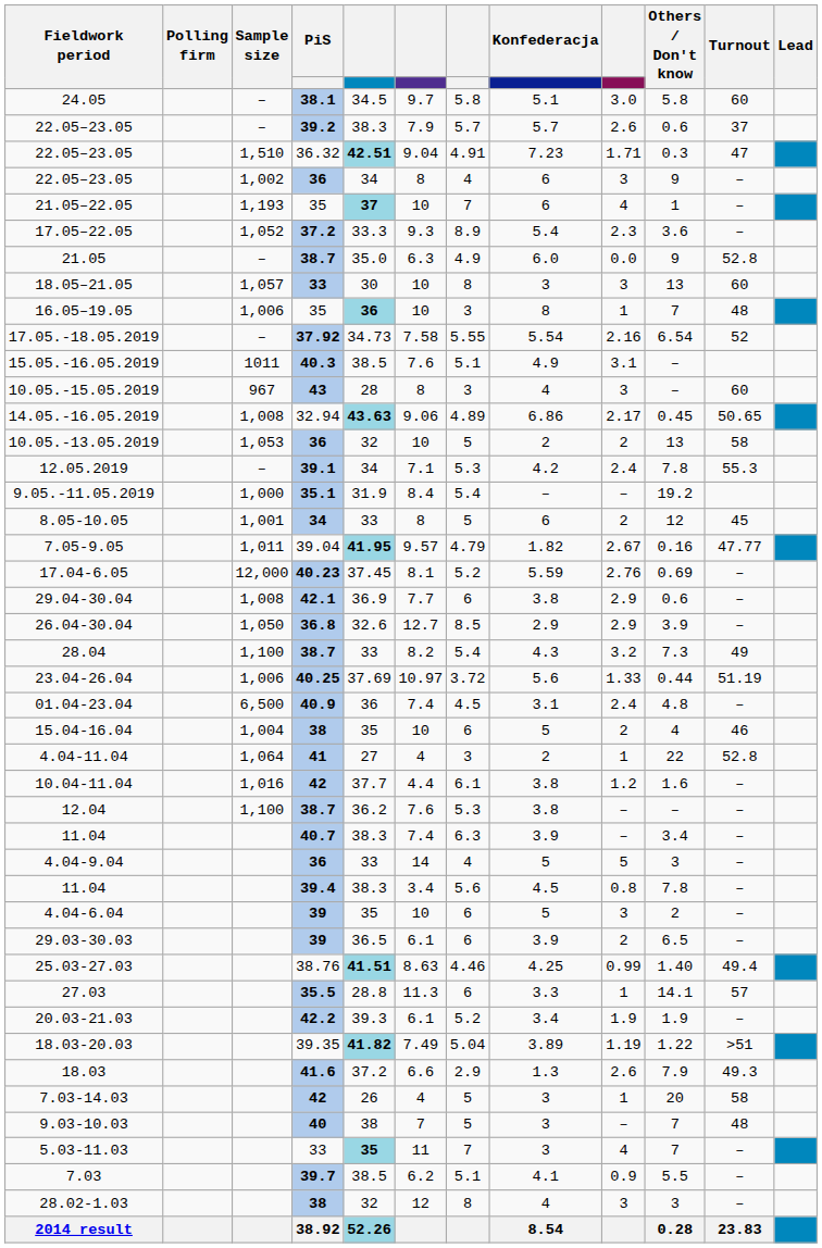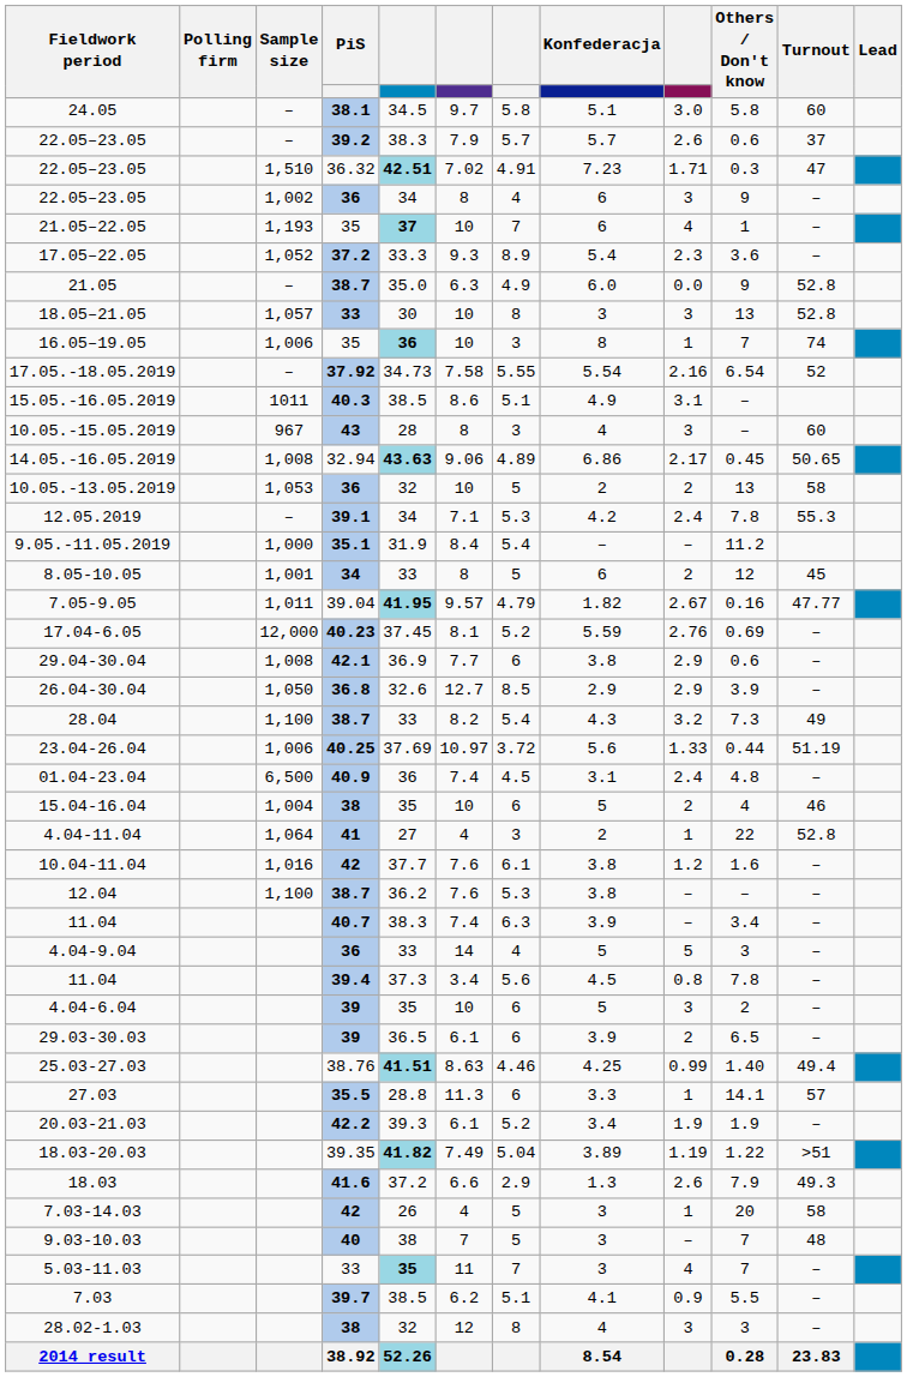 <table class="wikitable sortable collapsible" style="text-align:center; font-size:95%; line-height:16px;">
 <tr style="height:42px;">
 <th rowspan="2" data-sort-type="date" style="width:90px;">Fieldwork<br>period</th>
 <th rowspan="2" style="width:110px;">Polling firm</th>
 <th rowspan="2" style="width:20px;">Sample size</th>
 <th style="width:50px;" class="unsortable">PiS</th>
 <th style="width:50px;" class="unsortable"></th>
 <th style="width:50px;" class="unsortable"></th>
 <th style="width:50px;" class="unsortable"></th>
 <th style="width:50px;" class="unsortable">Konfederacja</th>
 <th style="width:50px;" class="unsortable"></th>
 <th style="width:50px;" rowspan="2" data-sort-type="number">Others /<br>Don't know</th>
 <th style="width:50px;" rowspan="2" data-sort-type="number">Turnout</th>
 <th style="width:30px;" rowspan="2" data-sort-type="number">Lead</th>
 </tr>
 <tr>
 <th data-sort-type="number" style="height:1px; color:inherit;background:"></th>
 <th data-sort-type="number" style="height:1px; color:inherit;background:#0087BD ;"></th>
 <th data-sort-type="number" style="height:1px; color:inherit;background:#4f2d8f;"></th>
 <th data-sort-type="number" style="height:1px; color:inherit;background:"></th>
 <th data-sort-type="number" style="height:1px; color:inherit;background:#091F92;"></th>
 <th data-sort-type="number" style="height:1px; color:inherit;background:#870f57;"></th>
 </tr>
 <tr>
 <td>24.05</td>
 <td></td>
 <td>–</td>
 <td style="background: #B0CBEC;"><strong>38.1</strong></td>
 <td>34.5</td>
 <td>9.7</td>
 <td>5.8</td>
 <td>5.1</td>
 <td>3.0</td>
 <td>5.8</td>
 <td>60</td>
 <td style="background-color: "></td>
 </tr>
 <tr>
 <td>22.05–23.05</td>
 <td></td>
 <td>–</td>
 <td style="background: #B0CBEC;"><strong>39.2</strong></td>
 <td>38.3</td>
 <td>7.9</td>
 <td>5.7</td>
 <td>5.7</td>
 <td>2.6</td>
 <td>0.6</td>
 <td>37</td>
 <td style="background-color: "></td>
 </tr>
 <tr>
 <td>22.05–23.05</td>
 <td></td>
 <td>1,510</td>
 <td>36.32</td>
 <td style="background: #99D7E4;"><strong>42.51</strong></td>
-<td>9.04</td>
+<td>7.02</td>
 <td>4.91</td>
 <td>7.23</td>
 <td>1.71</td>
 <td>0.3</td>
 <td>47</td>
 <td style="background: #0087bd;"></td>
 </tr>
 <tr>
 <td>22.05–23.05</td>
 <td></td>
 <td>1,002</td>
 <td style="background: #B0CBEC;"><strong>36</strong></td>
 <td>34</td>
 <td>8</td>
 <td>4</td>
 <td>6</td>
 <td>3</td>
 <td>9</td>
 <td>–</td>
 <td style="background-color: "></td>
 </tr>
 <tr>
 <td>21.05–22.05</td>
 <td></td>
 <td>1,193</td>
 <td>35</td>
 <td style="background: #99D7E4;"><strong>37</strong></td>
 <td>10</td>
 <td>7</td>
 <td>6</td>
 <td>4</td>
 <td>1</td>
 <td>–</td>
 <td style="background: #0087bd;"></td>
 </tr>
 <tr>
 <td>17.05–22.05</td>
 <td></td>
 <td>1,052</td>
 <td style="background: #B0CBEC;"><strong>37.2</strong></td>
 <td>33.3</td>
 <td>9.3</td>
 <td>8.9</td>
 <td>5.4</td>
 <td>2.3</td>
 <td>3.6</td>
 <td>–</td>
 <td style="background-color: "></td>
 </tr>
 <tr>
 <td>21.05</td>
 <td></td>
 <td>–</td>
 <td style="background: #B0CBEC;"><strong>38.7</strong></td>
 <td>35.0</td>
 <td>6.3</td>
 <td>4.9</td>
 <td>6.0</td>
 <td>0.0</td>
 <td>9</td>
 <td>52.8</td>
 <td style="background-color: "></td>
 </tr>
 <tr>
 <td>18.05–21.05</td>
 <td></td>
 <td>1,057</td>
 <td style="background: #B0CBEC;"><strong>33</strong></td>
 <td>30</td>
 <td>10</td>
 <td>8</td>
 <td>3</td>
 <td>3</td>
 <td>13</td>
-<td>60</td>
+<td>52.8</td>
 <td style="background-color: "></td>
 </tr>
 <tr>
 <td>16.05–19.05</td>
 <td></td>
 <td>1,006</td>
 <td>35</td>
 <td style="background: #99D7E4;"><strong>36</strong></td>
 <td>10</td>
 <td>3</td>
 <td>8</td>
 <td>1</td>
 <td>7</td>
-<td>48</td>
+<td>74</td>
 <td style="background: #0087bd;"></td>
 </tr>
 <tr>
 <td>17.05.-18.05.2019</td>
 <td></td>
 <td>–</td>
 <td style="background: #B0CBEC;"><strong>37.92</strong></td>
 <td>34.73</td>
 <td>7.58</td>
 <td>5.55</td>
 <td>5.54</td>
 <td>2.16</td>
 <td>6.54</td>
 <td>52</td>
 <td style="background-color: "></td>
 </tr>
 <tr>
 <td>15.05.-16.05.2019</td>
 <td></td>
 <td>1011</td>
 <td style="background: #B0CBEC;"><strong>40.3</strong></td>
 <td>38.5</td>
-<td>7.6</td>
+<td>8.6</td>
 <td>5.1</td>
 <td>4.9</td>
 <td>3.1</td>
 <td>–</td>
 <td></td>
 <td style="background-color: "></td>
 </tr>
 <tr>
 <td>10.05.-15.05.2019</td>
 <td></td>
 <td>967</td>
 <td style="background: #B0CBEC;"><strong>43</strong></td>
 <td>28</td>
 <td>8</td>
 <td>3</td>
 <td>4</td>
 <td>3</td>
 <td>–</td>
 <td>60</td>
 <td style="background-color: "></td>
 </tr>
 <tr>
 <td>14.05.-16.05.2019</td>
 <td></td>
 <td>1,008</td>
 <td>32.94</td>
 <td style="background: #99D7E4;"><strong>43.63</strong></td>
 <td>9.06</td>
 <td>4.89</td>
 <td>6.86</td>
 <td>2.17</td>
 <td>0.45</td>
 <td>50.65</td>
 <td style="background: #0087bd;"></td>
 </tr>
 <tr>
 <td>10.05.-13.05.2019</td>
 <td></td>
 <td>1,053</td>
 <td style="background: #B0CBEC;"><strong>36</strong></td>
 <td>32</td>
 <td>10</td>
 <td>5</td>
 <td>2</td>
 <td>2</td>
 <td>13</td>
 <td>58</td>
 <td style="background-color: "></td>
 </tr>
 <tr>
 <td>12.05.2019</td>
 <td></td>
 <td>–</td>
 <td style="background: #B0CBEC;"><strong>39.1</strong></td>
 <td>34</td>
 <td>7.1</td>
 <td>5.3</td>
 <td>4.2</td>
 <td>2.4</td>
 <td>7.8</td>
 <td>55.3</td>
 <td style="background-color: "></td>
 </tr>
 <tr>
 <td>9.05.-11.05.2019</td>
 <td></td>
 <td>1,000</td>
 <td style="background: #B0CBEC;"><strong>35.1</strong></td>
 <td>31.9</td>
 <td>8.4</td>
 <td>5.4</td>
 <td>–</td>
 <td>–</td>
-<td>19.2</td>
+<td>11.2</td>
 <td></td>
 <td style="background-color: "></td>
 </tr>
 <tr>
 <td>8.05-10.05</td>
 <td></td>
 <td>1,001</td>
 <td style="background: #B0CBEC;"><strong>34</strong></td>
 <td>33</td>
 <td>8</td>
 <td>5</td>
 <td>6</td>
 <td>2</td>
 <td>12</td>
 <td>45</td>
 <td style="background-color: "></td>
 </tr>
 <tr>
 <td>7.05-9.05</td>
 <td> </td>
 <td>1,011</td>
 <td>39.04</td>
 <td style="background: #99D7E4;"><strong>41.95</strong></td>
 <td>9.57</td>
 <td>4.79</td>
 <td>1.82</td>
 <td>2.67</td>
 <td>0.16</td>
 <td>47.77</td>
 <td style="background-color: #0087bd;"></td>
 </tr>
 <tr>
 <td>17.04-6.05</td>
 <td></td>
 <td>12,000</td>
 <td style="background: #B0CBEC;"><strong>40.23</strong></td>
 <td>37.45</td>
 <td>8.1</td>
 <td>5.2</td>
 <td>5.59</td>
 <td>2.76</td>
 <td>0.69</td>
 <td>–</td>
 <td style="background-color: "></td>
 </tr>
 <tr>
 <td>29.04-30.04</td>
 <td> </td>
 <td>1,008</td>
 <td style="background: #B0CBEC;"><strong>42.1</strong></td>
 <td>36.9</td>
 <td>7.7</td>
 <td>6</td>
 <td>3.8</td>
 <td>2.9</td>
 <td>0.6</td>
 <td>–</td>
 <td style="background-color: "></td>
 </tr>
 <tr>
 <td>26.04-30.04</td>
 <td></td>
 <td>1,050</td>
 <td style="background: #B0CBEC;"><strong>36.8</strong></td>
 <td>32.6</td>
 <td>12.7</td>
 <td>8.5</td>
 <td>2.9</td>
 <td>2.9</td>
 <td>3.9</td>
 <td>–</td>
 <td style="background-color: "></td>
 </tr>
 <tr>
 <td>28.04</td>
 <td></td>
 <td>1,100</td>
 <td style="background: #B0CBEC;"><strong>38.7</strong></td>
 <td>33</td>
 <td>8.2</td>
 <td>5.4</td>
 <td>4.3</td>
 <td>3.2</td>
 <td>7.3</td>
 <td>49</td>
 <td style="background-color: "></td>
 </tr>
 <tr>
 <td>23.04-26.04</td>
 <td> </td>
 <td>1,006</td>
 <td style="background: #B0CBEC;"><strong>40.25</strong></td>
 <td>37.69</td>
 <td>10.97</td>
 <td>3.72</td>
 <td>5.6</td>
 <td>1.33</td>
 <td>0.44</td>
 <td>51.19</td>
 <td style="background-color: "></td>
 </tr>
 <tr>
 <td>01.04-23.04</td>
 <td></td>
 <td>6,500</td>
 <td style="background: #B0CBEC;"><strong>40.9</strong></td>
 <td>36</td>
 <td>7.4</td>
 <td>4.5</td>
 <td>3.1</td>
 <td>2.4</td>
 <td>4.8</td>
 <td>–</td>
 <td style="background-color: "></td>
 </tr>
 <tr>
 <td>15.04-16.04</td>
 <td></td>
 <td>1,004</td>
 <td style="background: #B0CBEC;"><strong>38</strong></td>
 <td>35</td>
 <td>10</td>
 <td>6</td>
 <td>5</td>
 <td>2</td>
 <td>4</td>
 <td>46</td>
 <td style="background-color: "></td>
 </tr>
 <tr>
 <td>4.04-11.04</td>
 <td></td>
 <td>1,064</td>
 <td style="background: #B0CBEC;"><strong>41</strong></td>
 <td>27</td>
 <td>4</td>
 <td>3</td>
 <td>2</td>
 <td>1</td>
 <td>22</td>
 <td>52.8</td>
 <td style="background-color: "></td>
 </tr>
 <tr>
 <td>10.04-11.04</td>
 <td></td>
 <td>1,016</td>
 <td style="background: #B0CBEC;"><strong>42</strong></td>
 <td>37.7</td>
-<td>4.4</td>
+<td>7.6</td>
 <td>6.1</td>
 <td>3.8</td>
 <td>1.2</td>
 <td>1.6</td>
 <td>–</td>
 <td style="background-color: "></td>
 </tr>
 <tr>
 <td>12.04</td>
 <td></td>
 <td>1,100</td>
 <td style="background: #B0CBEC;"><strong>38.7</strong></td>
 <td>36.2</td>
 <td>7.6</td>
 <td>5.3</td>
 <td>3.8</td>
 <td>–</td>
 <td>–</td>
 <td>–</td>
 <td style="background-color: "></td>
 </tr>
 <tr>
 <td>11.04</td>
 <td></td>
 <td></td>
 <td style="background: #B0CBEC;"><strong>40.7</strong></td>
 <td>38.3</td>
 <td>7.4</td>
 <td>6.3</td>
 <td>3.9</td>
 <td>–</td>
 <td>3.4</td>
 <td>–</td>
 <td style="background-color: "></td>
 </tr>
 <tr>
 <td>4.04-9.04</td>
 <td></td>
 <td></td>
 <td style="background: #B0CBEC;"><strong>36</strong></td>
 <td>33</td>
 <td>14</td>
 <td>4</td>
 <td>5</td>
 <td>5</td>
 <td>3</td>
 <td>–</td>
 <td style="background-color: "></td>
 </tr>
 <tr>
 <td>11.04</td>
 <td></td>
 <td></td>
 <td style="background: #B0CBEC;"><strong>39.4</strong></td>
-<td>38.3</td>
+<td>37.3</td>
 <td>3.4</td>
 <td>5.6</td>
 <td>4.5</td>
 <td>0.8</td>
 <td>7.8</td>
 <td>–</td>
 <td style="background-color: "></td>
 </tr>
 <tr>
 <td data-sort-table="2019-04-06">4.04-6.04</td>
 <td></td>
 <td></td>
 <td style="background: #B0CBEC;"><strong>39</strong></td>
 <td>35</td>
 <td>10</td>
 <td>6</td>
 <td>5</td>
 <td>3</td>
 <td>2</td>
 <td>–</td>
 <td style="background-color: "></td>
 </tr>
 <tr>
 <td data-sort-table="2019-03-30">29.03-30.03</td>
 <td></td>
 <td></td>
 <td style="background: #B0CBEC;"><strong>39</strong></td>
 <td>36.5</td>
 <td>6.1</td>
 <td>6</td>
 <td>3.9</td>
 <td>2</td>
 <td>6.5</td>
 <td>–</td>
 <td style="background-color: "></td>
 </tr>
 <tr>
 <td data-sort-table="2019-03-27">25.03-27.03</td>
 <td> </td>
 <td></td>
 <td>38.76</td>
 <td style="background: #99D7E4;"><strong>41.51</strong></td>
 <td>8.63</td>
 <td>4.46</td>
 <td>4.25</td>
 <td>0.99</td>
 <td>1.40</td>
 <td>49.4</td>
 <td style="background-color: #0087bd;"></td>
 </tr>
 <tr>
 <td data-sort-table="2019-03-27">27.03</td>
 <td></td>
 <td></td>
 <td style="background: #B0CBEC;"><strong>35.5</strong></td>
 <td>28.8</td>
 <td>11.3</td>
 <td>6</td>
 <td>3.3</td>
 <td>1</td>
 <td>14.1</td>
 <td>57</td>
 <td style="background-color: "></td>
 </tr>
 <tr>
 <td data-sort-table="2019-03-21">20.03-21.03</td>
 <td></td>
 <td></td>
 <td style="background: #B0CBEC;"><strong>42.2</strong></td>
 <td>39.3</td>
 <td>6.1</td>
 <td>5.2</td>
 <td>3.4</td>
 <td>1.9</td>
 <td>1.9</td>
 <td>–</td>
 <td style="background-color: "></td>
 </tr>
 <tr>
 <td data-sort-table="2019-03-20">18.03-20.03</td>
 <td></td>
 <td></td>
 <td>39.35</td>
 <td style="background: #99D7E4;"><strong>41.82</strong></td>
 <td>7.49</td>
 <td>5.04</td>
 <td>3.89</td>
 <td>1.19</td>
 <td>1.22</td>
 <td>>51</td>
 <td style="background-color: #0087bd;"></td>
 </tr>
 <tr>
 <td data-sort-table="2019-03-18">18.03</td>
 <td></td>
 <td></td>
 <td style="background: #B0CBEC;"><strong>41.6</strong></td>
 <td>37.2</td>
 <td>6.6</td>
 <td>2.9</td>
 <td>1.3</td>
 <td>2.6</td>
 <td>7.9</td>
 <td>49.3</td>
 <td style="background-color: "></td>
 </tr>
 <tr>
 <td data-sort-table="2019-03-14">7.03-14.03</td>
 <td></td>
 <td></td>
 <td style="background: #B0CBEC;"><strong>42</strong></td>
 <td>26</td>
 <td>4</td>
 <td>5</td>
 <td>3</td>
 <td>1</td>
 <td>20</td>
 <td>58</td>
 <td style="background-color: "></td>
 </tr>
 <tr>
 <td data-sort-table="2019-03-10">9.03-10.03</td>
 <td></td>
 <td></td>
 <td style="background: #B0CBEC;"><strong>40</strong></td>
 <td>38</td>
 <td>7</td>
 <td>5</td>
 <td>3</td>
 <td>–</td>
 <td>7</td>
 <td>48</td>
 <td style="background-color: "></td>
 </tr>
 <tr>
 <td data-sort-table="2019-03-11">5.03-11.03</td>
 <td></td>
 <td></td>
 <td>33</td>
 <td style="background: #99D7E4;"><strong>35</strong></td>
 <td>11</td>
 <td>7</td>
 <td>3</td>
 <td>4</td>
 <td>7</td>
 <td>–</td>
 <td style="background-color: #0087bd;"></td>
 </tr>
 <tr>
 <td data-sort-table="2019-03-07">7.03</td>
 <td></td>
 <td></td>
 <td style="background: #B0CBEC;"><strong>39.7</strong></td>
 <td>38.5</td>
 <td>6.2</td>
 <td>5.1</td>
 <td>4.1</td>
 <td>0.9</td>
 <td>5.5</td>
 <td>–</td>
 <td style="background-color: "></td>
 </tr>
 <tr>
 <td data-sort-table="2019-03-01">28.02-1.03</td>
 <td></td>
 <td></td>
 <td style="background: #B0CBEC;"><strong>38</strong></td>
 <td>32</td>
 <td>12</td>
 <td>8</td>
 <td>4</td>
 <td>3</td>
 <td>3</td>
 <td>–</td>
 <td style="background-color: "></td>
 </tr>
 <tr>
 <th data-sort-table="2019-03-01"><a href='#'>2014 result</a></th>
 <th></th>
 <th></th>
 <th>38.92</th>
 <th style="background: #99D7E4;">52.26</th>
 <th></th>
 <th></th>
 <th>8.54 </th>
 <th></th>
 <th>0.28</th>
 <th>23.83</th>
 <th style="background-color: #0087bd;"></th>
 </tr>
 </table>
